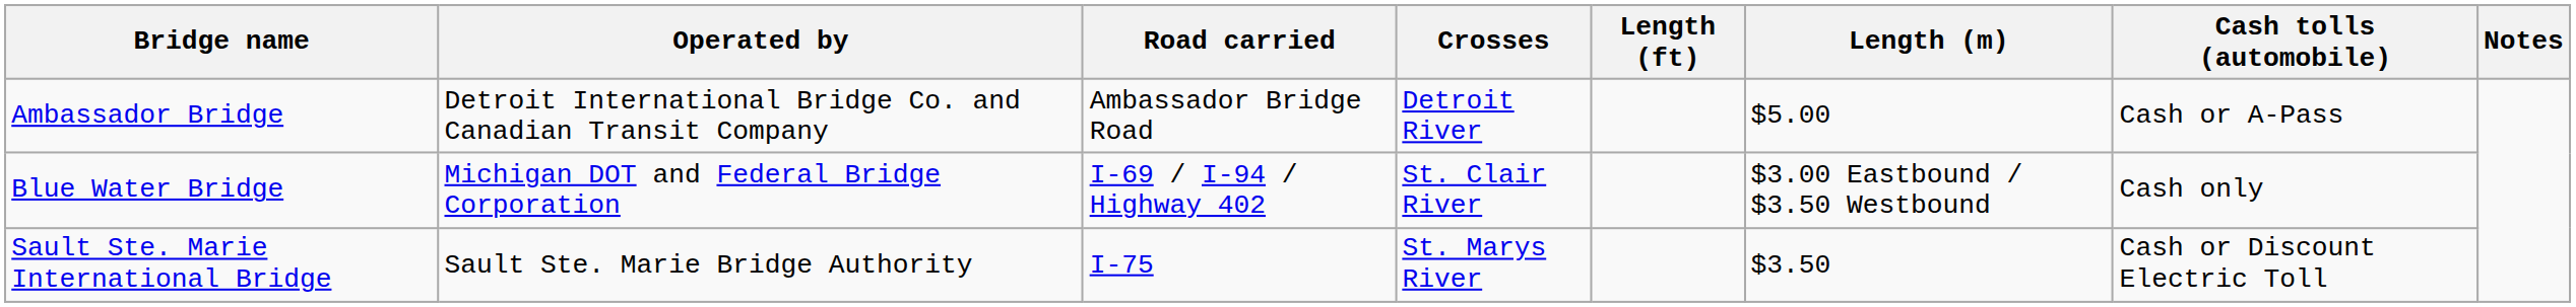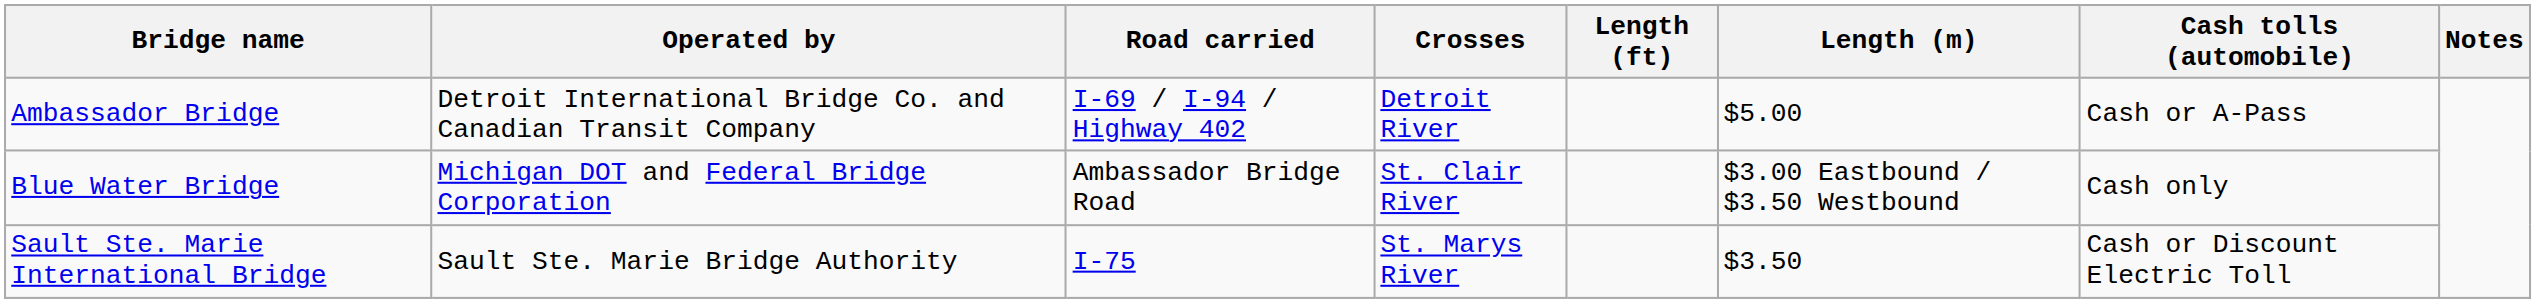 <table class=wikitable>
 <tr>
 <th scope=col>Bridge name</th>
 <th scope=col>Operated by</th>
 <th scope=col>Road carried</th>
 <th scope=col>Crosses</th>
 <th scope=col>Length (ft)</th>
 <th scope=col>Length (m)</th>
 <th scope=col>Cash tolls (automobile)</th>
 <th scope=col>Notes</th>
 </tr>
 <tr>
 <td><a href='#'>Ambassador Bridge</a></td>
 <td>Detroit International Bridge Co. and Canadian Transit Company</td>
-<td>Ambassador Bridge Road</td>
+<td><a href='#'>I-69</a> / <a href='#'>I-94</a> / <a href='#'>Highway 402</a></td>
 <td><a href='#'>Detroit River</a></td>
 <td></td>
 <td>$5.00</td>
 <td>Cash or A-Pass</td>
 </tr>
 <tr>
 <td><a href='#'>Blue Water Bridge</a></td>
 <td><a href='#'>Michigan DOT</a> and <a href='#'>Federal Bridge Corporation</a></td>
-<td><a href='#'>I-69</a> / <a href='#'>I-94</a> / <a href='#'>Highway 402</a></td>
+<td>Ambassador Bridge Road</td>
 <td><a href='#'>St. Clair River</a></td>
 <td></td>
 <td>$3.00 Eastbound / $3.50 Westbound</td>
 <td>Cash only</td>
 </tr>
 <tr>
 <td><a href='#'>Sault Ste. Marie International Bridge</a></td>
 <td>Sault Ste. Marie Bridge Authority</td>
 <td><a href='#'>I-75</a></td>
 <td><a href='#'>St. Marys River</a></td>
 <td></td>
 <td>$3.50</td>
 <td>Cash or Discount Electric Toll</td>
 </tr>
 </table>
